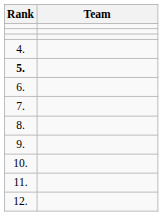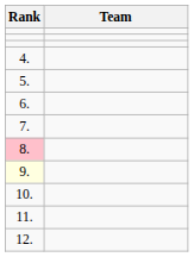 <table class="wikitable" style="font-size:95%;">
 <tr>
 <th>Rank</th>
 <th align="left" style="width: 10em">Team</th>
 </tr>
 <tr>
 <td align="center"></td>
 <td></td>
 </tr>
 <tr>
 <td align="center"></td>
 <td></td>
 </tr>
 <tr>
 <td align="center"></td>
 <td></td>
 </tr>
 <tr>
 <td rowspan=1 align="center">4.</td>
 <td></td>
 </tr>
 <tr>
-<td rowspan=1 align="center"><strong>5.</strong></td>
+<td rowspan=1 align="center">5.</td>
 <td></td>
 </tr>
 <tr>
 <td rowspan=1 align="center">6.</td>
 <td></td>
 </tr>
 <tr>
 <td rowspan=1 align="center">7.</td>
 <td></td>
 </tr>
 <tr>
-<td rowspan=1 align="center">8.</td>
+<td rowspan=1 align="center" style="background: pink;">8.</td>
 <td></td>
 </tr>
 <tr>
-<td rowspan=1 align="center">9.</td>
+<td rowspan=1 align="center" style="background: lightyellow;">9.</td>
 <td></td>
 </tr>
 <tr>
 <td rowspan=1 align="center">10.</td>
 <td></td>
 </tr>
 <tr>
 <td rowspan=1 align="center">11.</td>
 <td></td>
 </tr>
 <tr>
 <td rowspan=1 align="center">12.</td>
 <td></td>
 </tr>
 </table>
